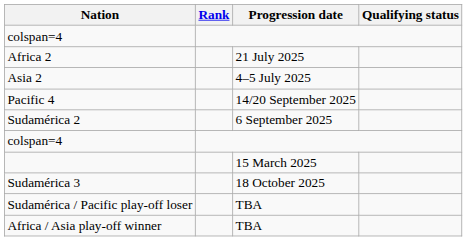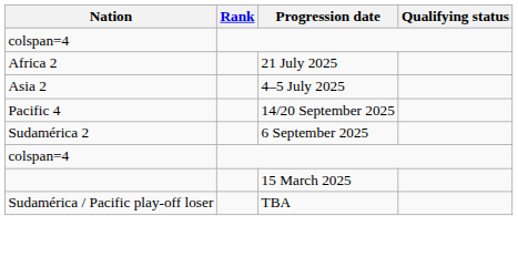 <table class="wikitable sortable">
 <tr>
 <th>Nation</th>
 <th data-sort-type="number"><a href='#'>Rank</a></th>
 <th data-sort-type="date">Progression date</th>
 <th>Qualifying status</th>
 </tr>
 <tr>
 <td>colspan=4 </td>
 </tr>
 <tr>
 <td>Africa 2</td>
 <td style="text-align:center;"></td>
 <td>21 July 2025</td>
 <td></td>
 </tr>
 <tr>
 <td>Asia 2</td>
 <td style="text-align:center;"></td>
 <td>4–5 July 2025</td>
 <td></td>
 </tr>
 <tr>
 <td>Pacific 4</td>
 <td style="text-align:center;"></td>
 <td>14/20 September 2025</td>
 <td></td>
 </tr>
 <tr>
 <td>Sudamérica 2</td>
 <td style="text-align:center;"></td>
 <td>6 September 2025</td>
 <td></td>
 </tr>
 <tr>
 <td>colspan=4 </td>
 </tr>
 <tr>
 <td></td>
 <td style="text-align:center;"></td>
 <td>15 March 2025</td>
 <td></td>
 </tr>
 <tr>
-<td>Sudamérica 3</td>
-<td style="text-align:center;"></td>
-<td>18 October 2025</td>
-<td></td>
-</tr>
-<tr>
 <td>Sudamérica / Pacific play-off loser</td>
 <td></td>
 <td>TBA</td>
 <td></td>
 </tr>
-<tr>
-<td>Africa / Asia play-off winner</td>
-<td></td>
-<td>TBA</td>
-<td></td>
-</tr>
 </table>
